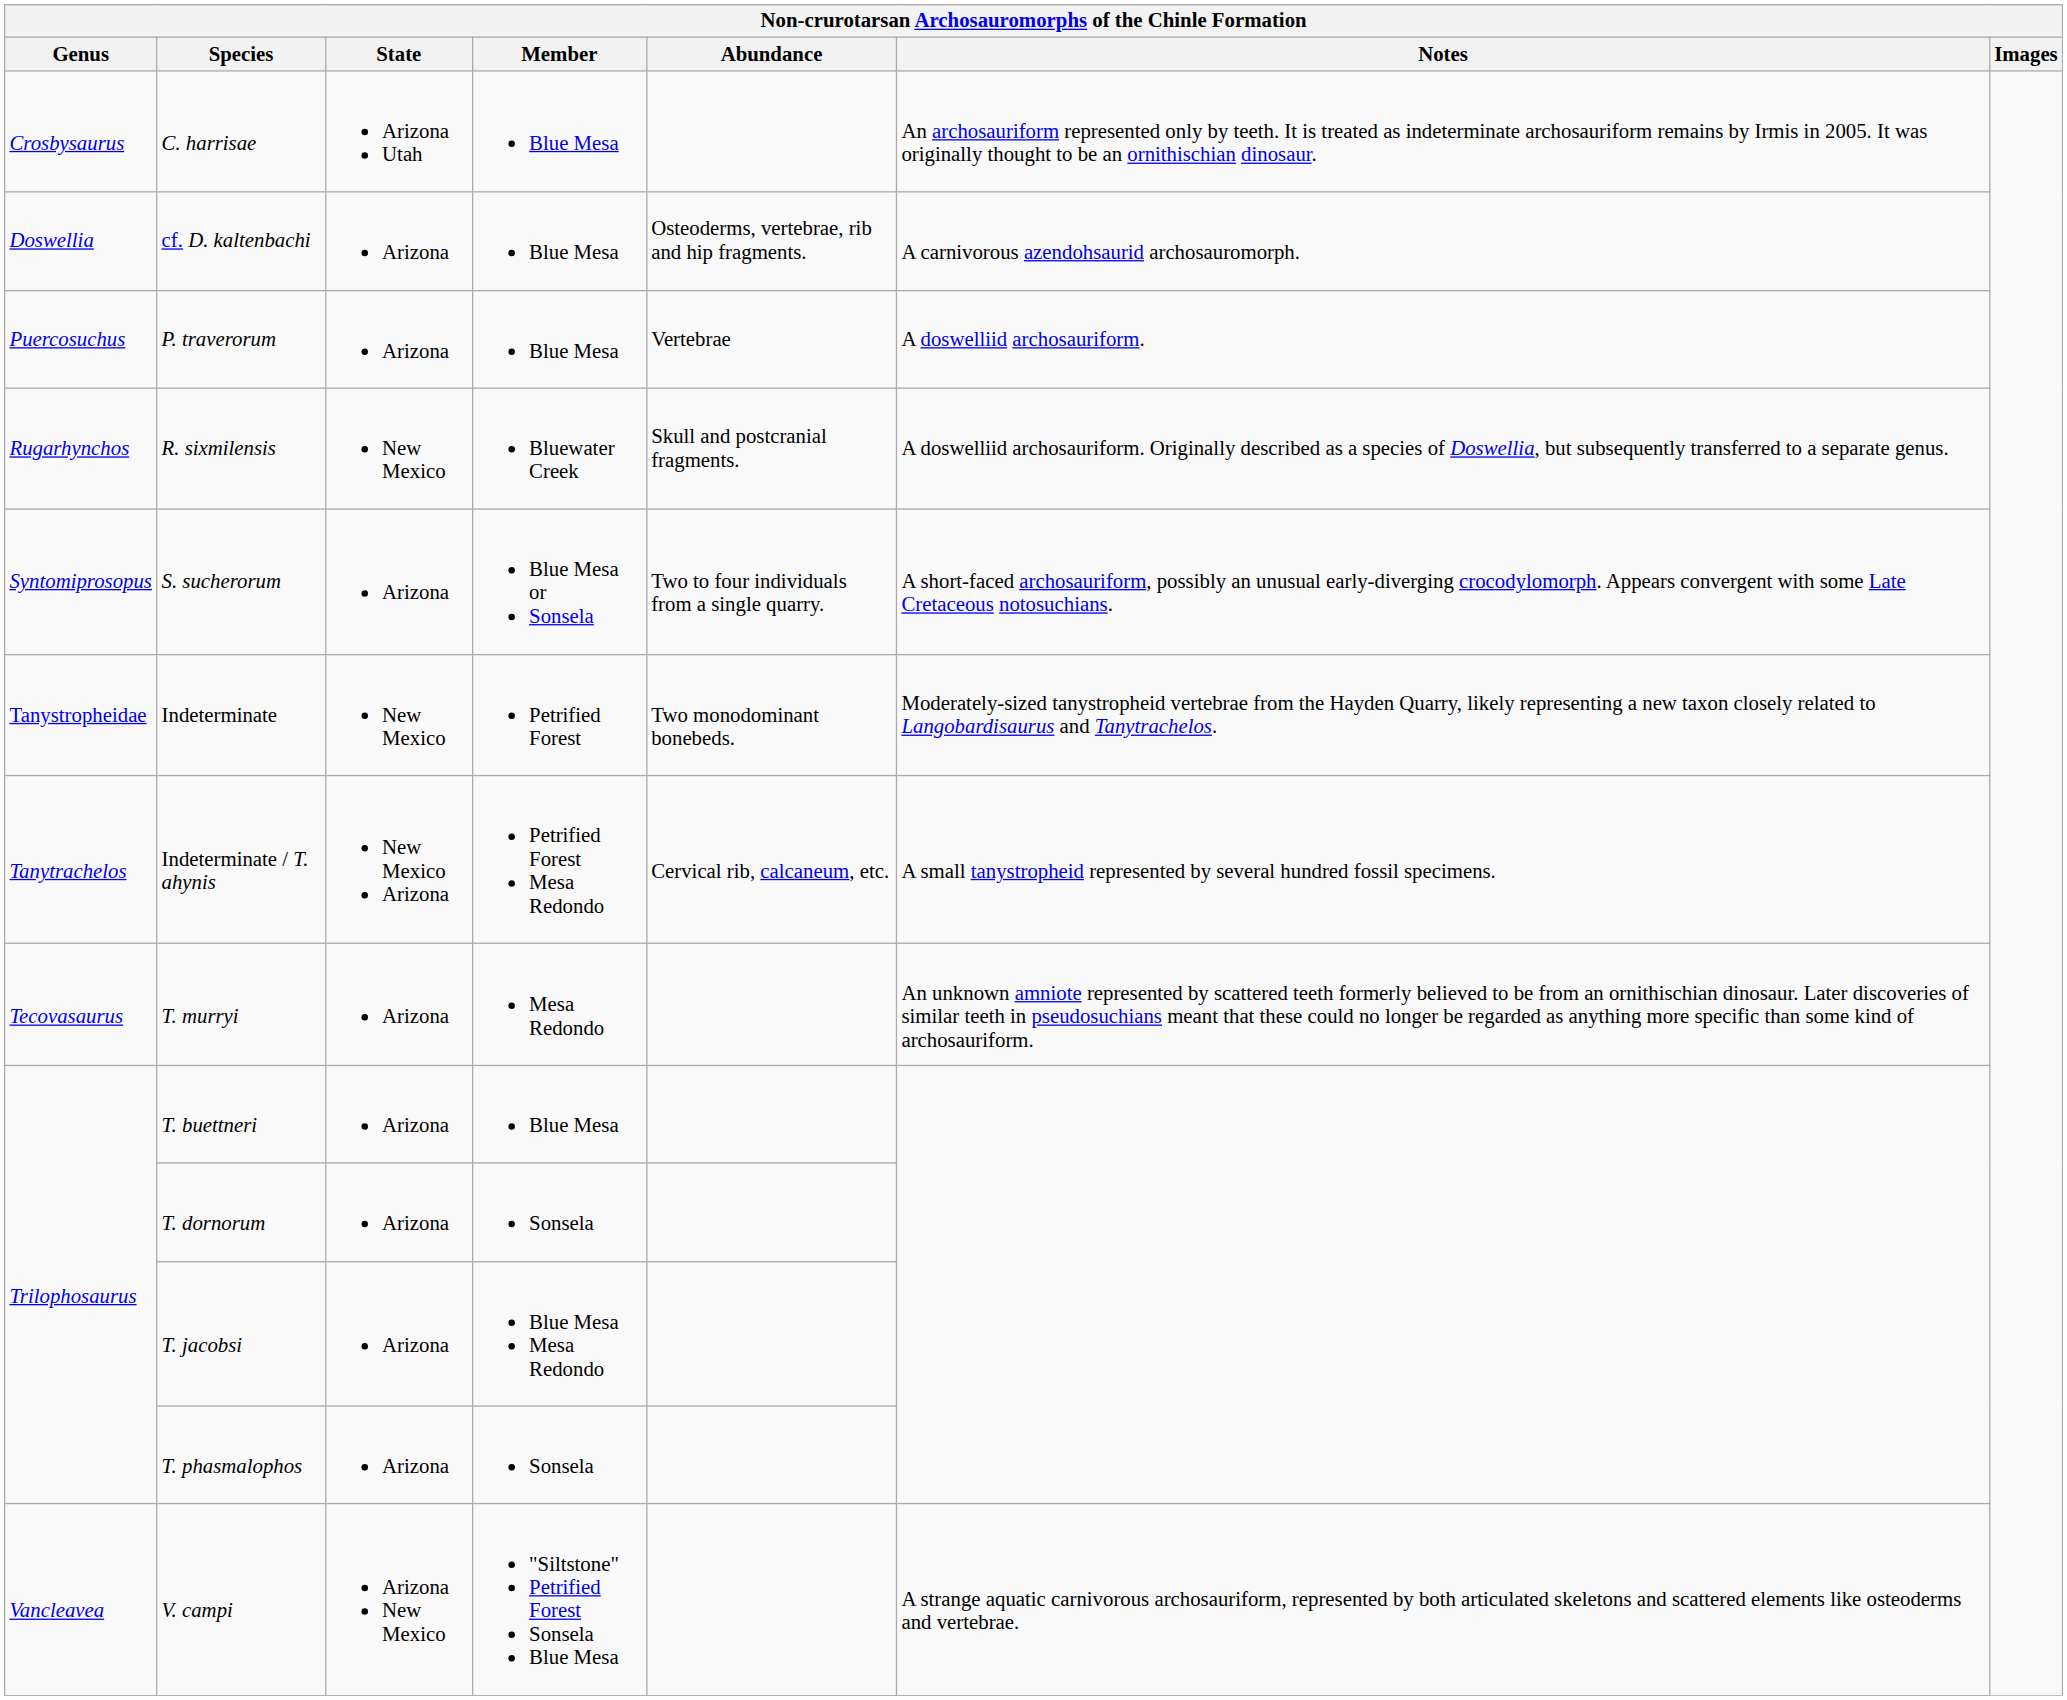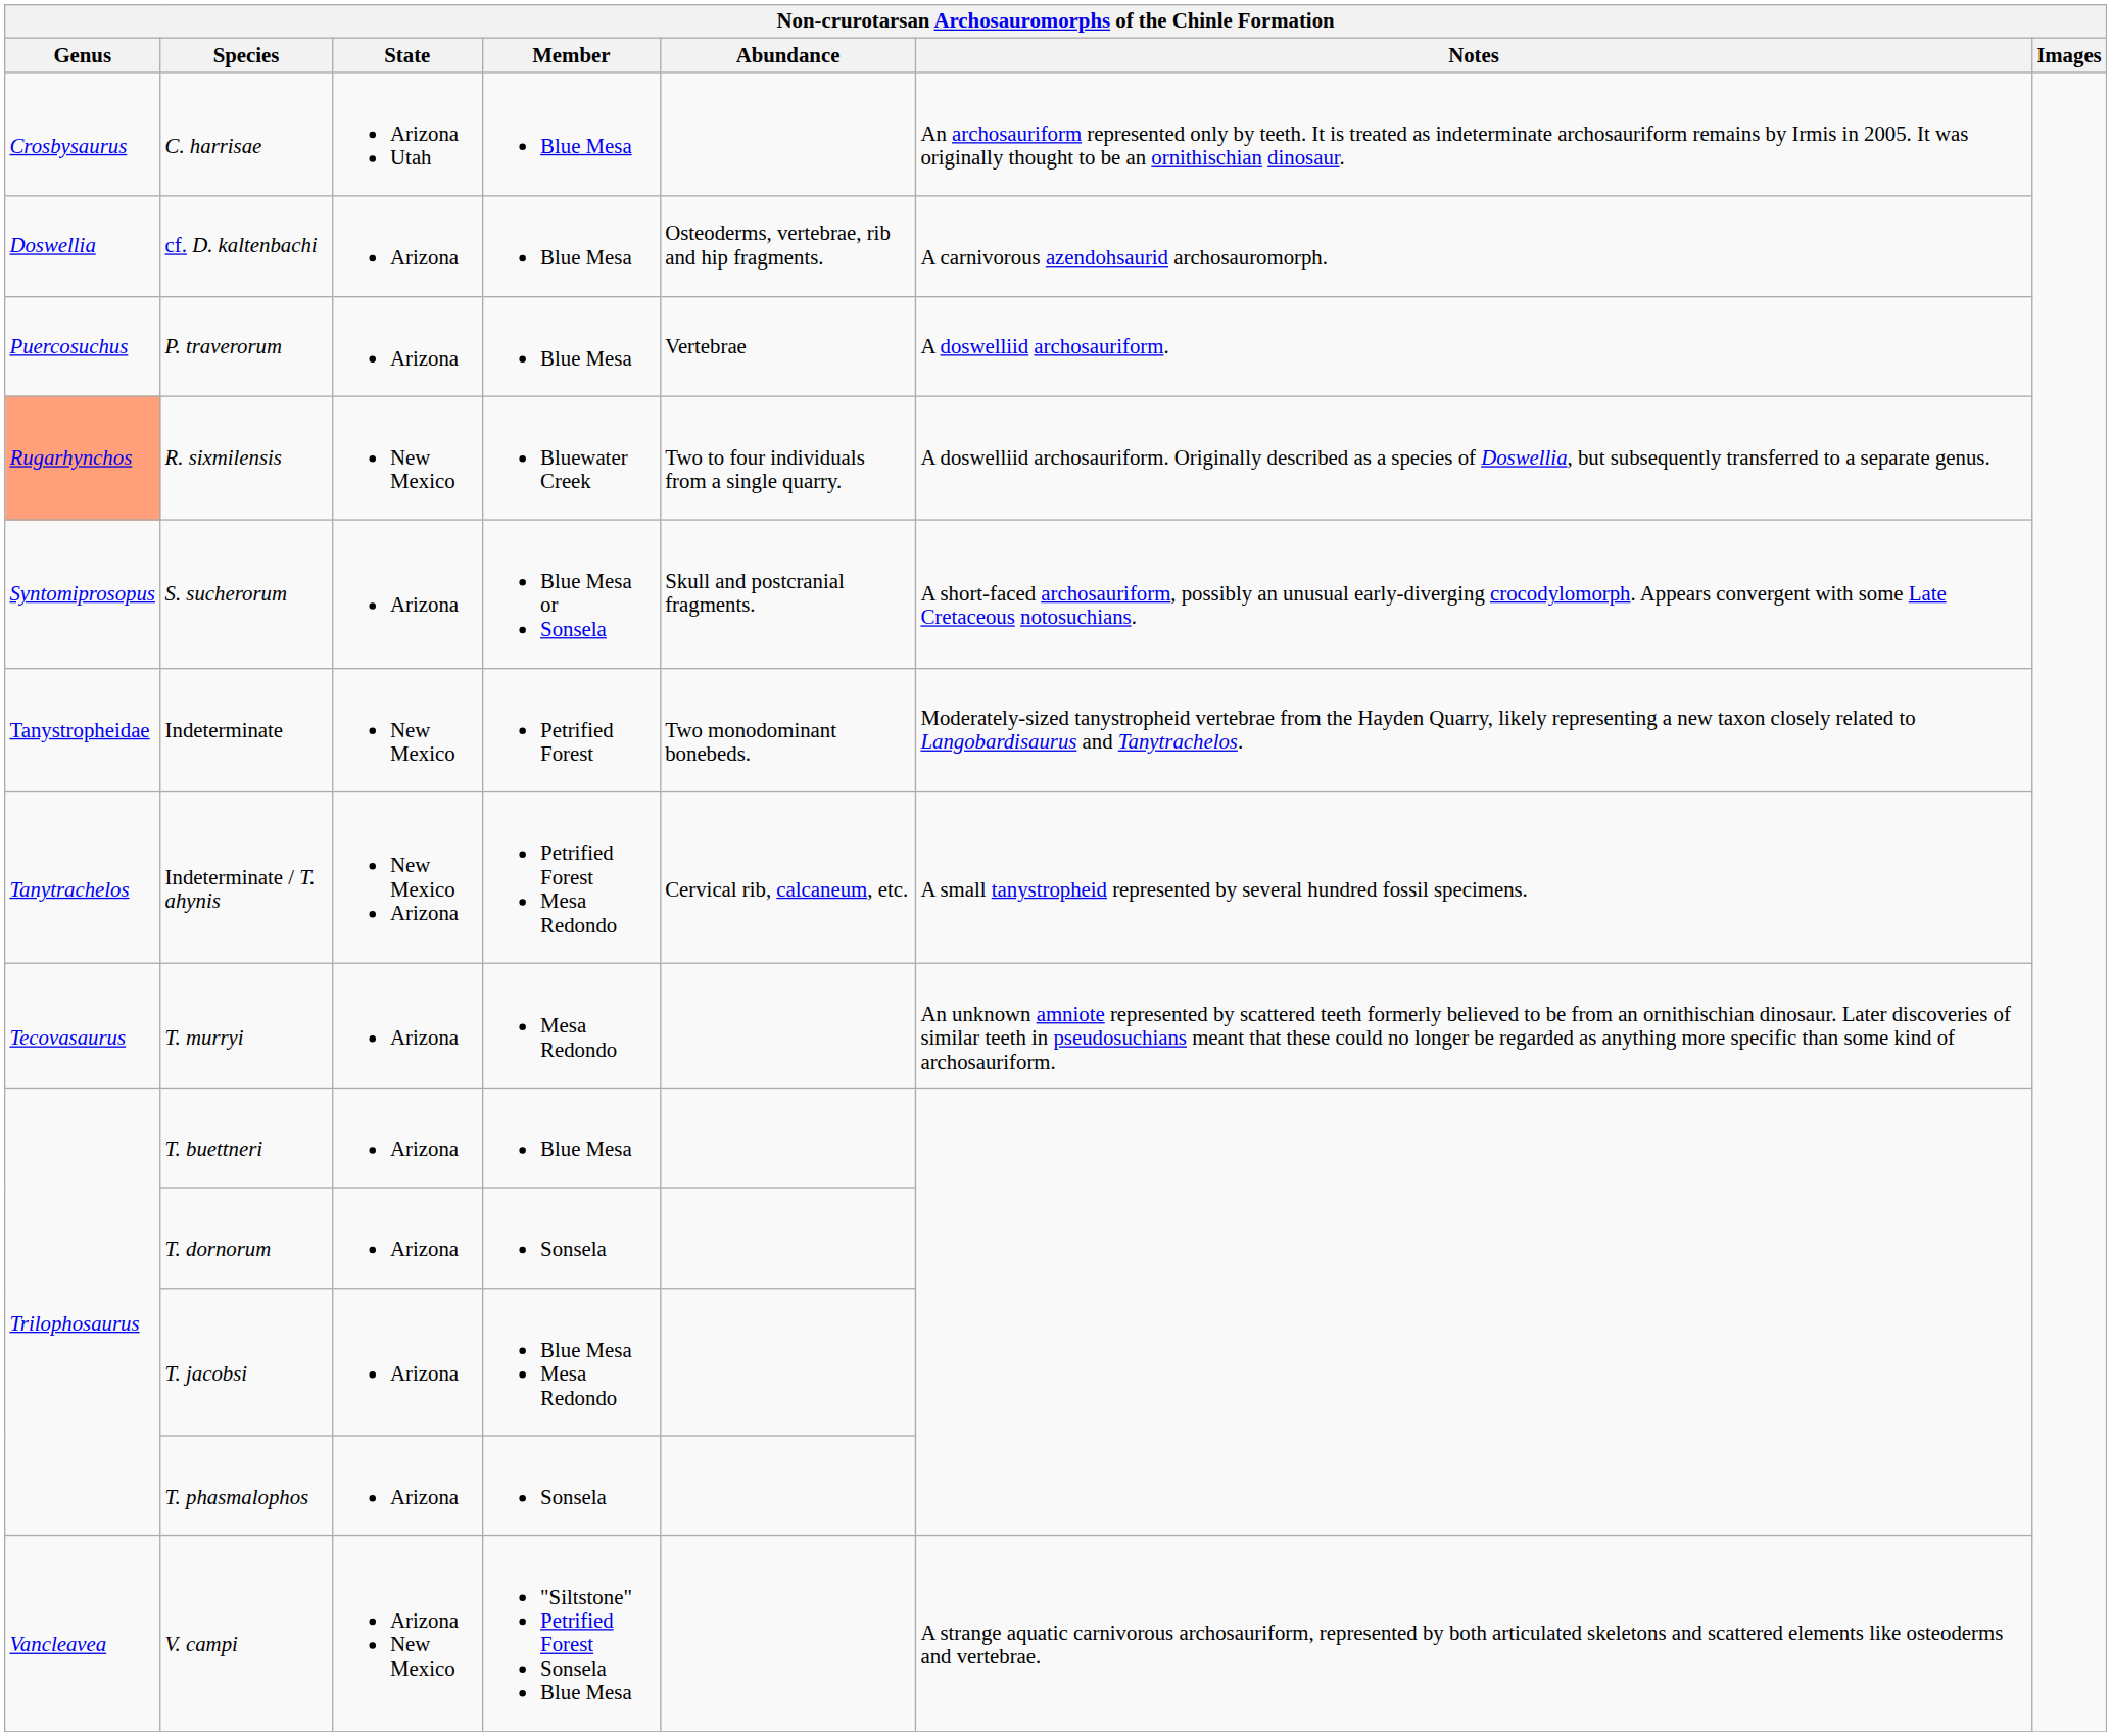 <table class="wikitable" align="center" width="100%">
 <tr>
 <th colspan="7" align="center"><strong>Non-crurotarsan <a href='#'>Archosauromorphs</a> of the Chinle Formation</strong></th>
 </tr>
 <tr>
 <th>Genus</th>
 <th>Species</th>
 <th>State</th>
 <th>Member</th>
 <th>Abundance</th>
 <th>Notes</th>
 <th>Images</th>
 </tr>
 <tr>
 <td><br><em><a href='#'>Crosbysaurus</a></em></td>
 <td><br><em>C. harrisae</em></td>
 <td><br><ul><li>Arizona</li><li>Utah </li></ul></td>
 <td><br><ul><li><a href='#'>Blue Mesa</a></li></ul></td>
 <td></td>
 <td><br>An <a href='#'>archosauriform</a> represented only by teeth. It is treated as indeterminate archosauriform remains by Irmis in 2005. It was originally thought to be an <a href='#'>ornithischian</a> <a href='#'>dinosaur</a>.</td>
 <td rowspan="104"><br>   </td>
 </tr>
 <tr>
 <td><em><a href='#'>Doswellia</a></em></td>
 <td><a href='#'>cf.</a> <em>D. kaltenbachi</em></td>
 <td><br><ul><li>Arizona</li></ul></td>
 <td><br><ul><li>Blue Mesa</li></ul></td>
 <td>Osteoderms, vertebrae, rib and hip fragments.</td>
 <td><br>A carnivorous <a href='#'>azendohsaurid</a> archosauromorph.</td>
 </tr>
 <tr>
 <td><em><a href='#'>Puercosuchus</a></em></td>
 <td><em>P. traverorum</em></td>
 <td><br><ul><li>Arizona</li></ul></td>
 <td><br><ul><li>Blue Mesa</li></ul></td>
 <td>Vertebrae</td>
 <td>A <a href='#'>doswelliid</a> <a href='#'>archosauriform</a>.</td>
 </tr>
 <tr>
-<td><em><a href='#'>Rugarhynchos</a></em></td>
+<td style="background: lightsalmon;"><em><a href='#'>Rugarhynchos</a></em></td>
 <td><em>R. sixmilensis</em></td>
 <td><br><ul><li>New Mexico</li></ul></td>
 <td><br><ul><li>Bluewater Creek</li></ul></td>
-<td>Skull and postcranial fragments.</td>
+<td><br>Two to four individuals from a single quarry.</td>
 <td>A doswelliid archosauriform. Originally described as a species of <em><a href='#'>Doswellia</a></em>, but subsequently transferred to a separate genus.</td>
 </tr>
 <tr>
 <td><em><a href='#'>Syntomiprosopus</a></em></td>
 <td><em>S. sucherorum</em></td>
 <td><br><ul><li>Arizona</li></ul></td>
 <td><br><ul><li>Blue Mesa<br>or</li><li><a href='#'>Sonsela</a></li></ul></td>
-<td><br>Two to four individuals from a single quarry.</td>
+<td>Skull and postcranial fragments.</td>
 <td><br>A short-faced <a href='#'>archosauriform</a>, possibly an unusual early-diverging <a href='#'>crocodylomorph</a>. Appears convergent with some <a href='#'>Late Cretaceous</a> <a href='#'>notosuchians</a>.</td>
 </tr>
 <tr>
 <td><a href='#'>Tanystropheidae</a></td>
 <td>Indeterminate</td>
 <td><br><ul><li>New Mexico</li></ul></td>
 <td><br><ul><li>Petrified Forest</li></ul></td>
 <td><br>Two monodominant bonebeds.</td>
 <td>Moderately-sized tanystropheid vertebrae from the Hayden Quarry, likely representing a new taxon closely related to <em><a href='#'>Langobardisaurus</a></em> and <em><a href='#'>Tanytrachelos</a></em>.</td>
 </tr>
 <tr>
 <td><br><em><a href='#'>Tanytrachelos</a></em></td>
 <td><br>Indeterminate / <em>T. ahynis</em></td>
 <td><br><ul><li>New Mexico</li><li>Arizona</li></ul></td>
 <td><br><ul><li>Petrified Forest</li><li>Mesa Redondo</li></ul></td>
 <td><br>Cervical rib, <a href='#'>calcaneum</a>, etc.</td>
 <td><br>A small <a href='#'>tanystropheid</a> represented by several hundred fossil specimens.</td>
 </tr>
 <tr>
 <td><br><em><a href='#'>Tecovasaurus</a></em></td>
 <td><br><em>T. murryi</em></td>
 <td><br><ul><li>Arizona</li></ul></td>
 <td><br><ul><li>Mesa Redondo</li></ul></td>
 <td></td>
 <td><br>An unknown <a href='#'>amniote</a> represented by scattered teeth formerly believed to be from an ornithischian dinosaur. Later discoveries of similar teeth in <a href='#'>pseudosuchians</a> meant that these could no longer be regarded as anything more specific than some kind of archosauriform.</td>
 </tr>
 <tr>
 <td rowspan="4"><br><em><a href='#'>Trilophosaurus</a></em></td>
 <td><br><em>T. buettneri</em></td>
 <td><br><ul><li>Arizona</li></ul></td>
 <td><br><ul><li>Blue Mesa</li></ul></td>
 <td></td>
 </tr>
 <tr>
 <td><br><em>T. dornorum</em></td>
 <td><br><ul><li>Arizona</li></ul></td>
 <td><br><ul><li>Sonsela</li></ul></td>
 <td></td>
 </tr>
 <tr>
 <td><br><em>T. jacobsi</em></td>
 <td><br><ul><li>Arizona</li></ul></td>
 <td><br><ul><li>Blue Mesa</li><li>Mesa Redondo</li></ul></td>
 <td></td>
 </tr>
 <tr>
 <td><br><em>T. phasmalophos</em></td>
 <td><br><ul><li>Arizona</li></ul></td>
 <td><br><ul><li>Sonsela</li></ul></td>
 <td></td>
 </tr>
 <tr>
 <td><br><em><a href='#'>Vancleavea</a></em></td>
 <td><br><em>V. campi</em></td>
 <td><br><ul><li>Arizona</li><li>New Mexico</li></ul></td>
 <td><br><ul><li>"Siltstone"</li><li><a href='#'>Petrified Forest</a></li><li>Sonsela</li><li>Blue Mesa</li></ul></td>
 <td></td>
 <td><br>A strange aquatic carnivorous archosauriform, represented by both articulated skeletons and scattered elements like osteoderms and vertebrae.</td>
 </tr>
 <tr>
 </tr>
 </table>
